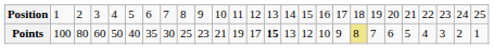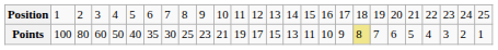 <table class="wikitable floatright" style="font-size:smaller;">
 <tr>
 <th>Position</th>
 <td>1</td>
 <td>2</td>
 <td>3</td>
 <td>4</td>
 <td>5</td>
 <td>6</td>
 <td>7</td>
 <td>8</td>
 <td>9</td>
 <td>10</td>
 <td>11</td>
 <td>12</td>
 <td>13</td>
 <td>14</td>
 <td>15</td>
 <td>16</td>
 <td>17</td>
 <td>18</td>
 <td>19</td>
 <td>20</td>
 <td>21</td>
 <td>22</td>
 <td>23</td>
 <td>24</td>
 <td>25</td>
 </tr>
 <tr>
 <th>Points</th>
 <td>100</td>
 <td>80</td>
 <td>60</td>
 <td>50</td>
 <td>40</td>
 <td>35</td>
 <td>30</td>
 <td>25</td>
 <td>23</td>
 <td>21</td>
 <td>19</td>
 <td>17</td>
-<td><strong>15</strong></td>
+<td>15</td>
 <td>13</td>
-<td>12</td>
+<td>11</td>
 <td>10</td>
 <td>9</td>
 <td style="background: khaki;">8</td>
 <td>7</td>
 <td>6</td>
 <td>5</td>
 <td>4</td>
 <td>3</td>
 <td>2</td>
 <td>1</td>
 </tr>
 </table>
